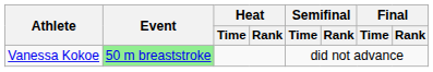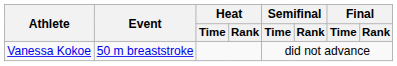 <table class=wikitable style="font-size:90%">
 <tr>
 <th rowspan="2">Athlete</th>
 <th rowspan="2">Event</th>
 <th colspan="2">Heat</th>
 <th colspan="2">Semifinal</th>
 <th colspan="2">Final</th>
 </tr>
 <tr style="font-size:95%">
 <th>Time</th>
 <th>Rank</th>
 <th>Time</th>
 <th>Rank</th>
 <th>Time</th>
 <th>Rank</th>
 </tr>
 <tr align=center>
 <td align=left><a href='#'>Vanessa Kokoe</a></td>
-<td align=left style="background: lightgreen;"><a href='#'>50 m breaststroke</a></td>
+<td align=left><a href='#'>50 m breaststroke</a></td>
 <td colspan=2></td>
 <td colspan=4>did not advance</td>
 </tr>
 </table>
